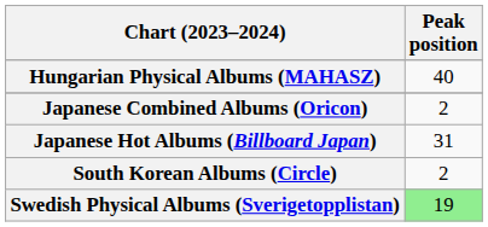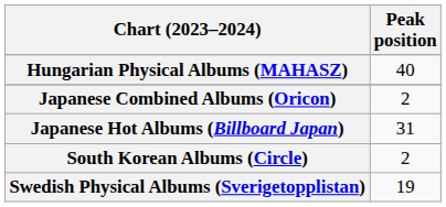 <table class="wikitable plainrowheaders sortable" style="text-align:center">
 <tr>
 <th scope="col">Chart (2023–2024)</th>
 <th scope="col">Peak<br>position</th>
 </tr>
 <tr>
 </tr>
 <tr>
 <th scope="row">Hungarian Physical Albums (<a href='#'>MAHASZ</a>)</th>
 <td>40</td>
 </tr>
 <tr>
 </tr>
 <tr>
 <th scope="row">Japanese Combined Albums (<a href='#'>Oricon</a>)</th>
 <td>2</td>
 </tr>
 <tr>
 <th scope="row">Japanese Hot Albums (<em><a href='#'>Billboard Japan</a></em>)</th>
 <td>31</td>
 </tr>
 <tr>
 <th scope="row">South Korean Albums (<a href='#'>Circle</a>)</th>
 <td>2</td>
 </tr>
 <tr>
 <th scope="row">Swedish Physical Albums (<a href='#'>Sverigetopplistan</a>)</th>
-<td style="background: lightgreen;">19</td>
+<td>19</td>
 </tr>
 </table>
